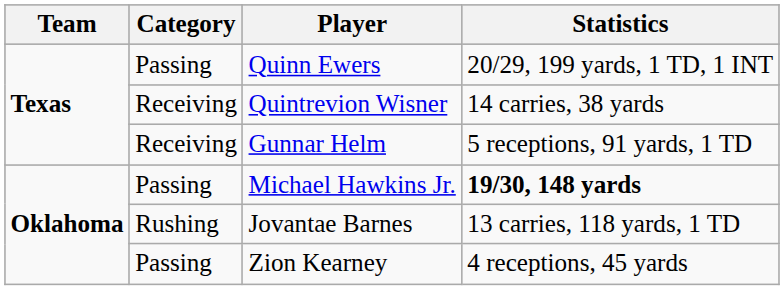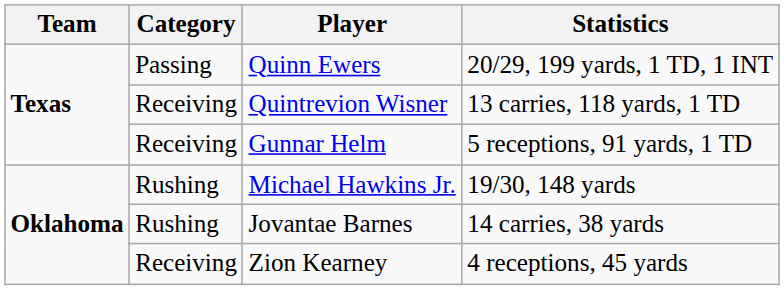 <table class="wikitable" style="float: right;">
 <tr>
 <th>Team</th>
 <th>Category</th>
 <th>Player</th>
 <th>Statistics</th>
 </tr>
 <tr>
 <td rowspan=3><strong>Texas </strong></td>
 <td>Passing</td>
 <td><a href='#'>Quinn Ewers</a></td>
 <td>20/29, 199 yards, 1 TD, 1 INT</td>
 </tr>
 <tr>
 <td>Receiving</td>
 <td><a href='#'>Quintrevion Wisner</a></td>
-<td>14 carries, 38 yards</td>
+<td>13 carries, 118 yards, 1 TD</td>
 </tr>
 <tr>
 <td>Receiving</td>
 <td><a href='#'>Gunnar Helm</a></td>
 <td>5 receptions, 91 yards, 1 TD</td>
 </tr>
 <tr>
 <td rowspan=3><strong>Oklahoma </strong></td>
-<td>Passing</td>
+<td>Rushing</td>
 <td><a href='#'>Michael Hawkins Jr.</a></td>
-<td><strong>19/30, 148 yards</strong></td>
+<td>19/30, 148 yards</td>
 </tr>
 <tr>
 <td>Rushing</td>
 <td>Jovantae Barnes</td>
-<td>13 carries, 118 yards, 1 TD</td>
+<td>14 carries, 38 yards</td>
 </tr>
 <tr>
-<td>Passing</td>
+<td>Receiving</td>
 <td>Zion Kearney</td>
 <td>4 receptions, 45 yards</td>
 </tr>
 </table>
